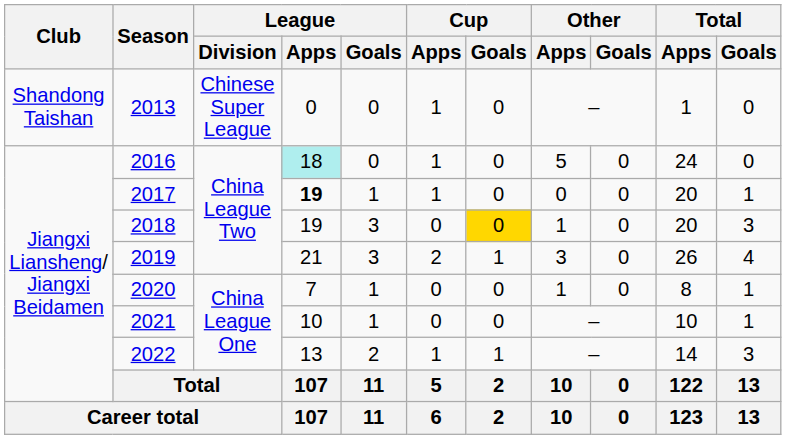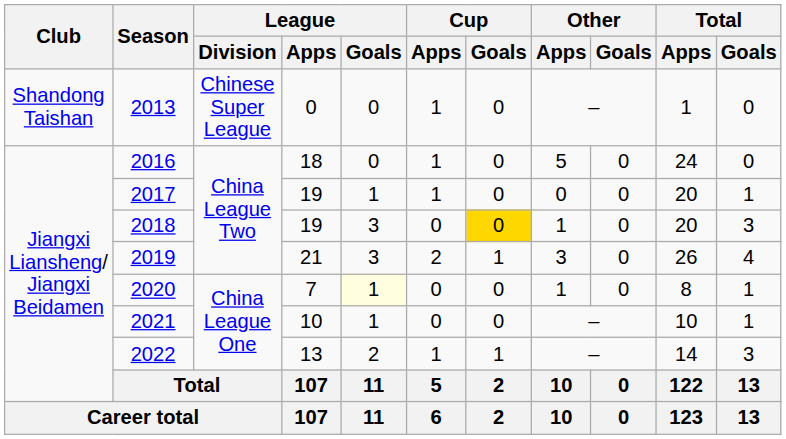 <table class="wikitable" style="text-align: center">
 <tr>
 <th rowspan="2">Club</th>
 <th rowspan="2">Season</th>
 <th colspan="3">League</th>
 <th colspan="2">Cup</th>
 <th colspan="2">Other</th>
 <th colspan="2">Total</th>
 </tr>
 <tr>
 <th>Division</th>
 <th>Apps</th>
 <th>Goals</th>
 <th>Apps</th>
 <th>Goals</th>
 <th>Apps</th>
 <th>Goals</th>
 <th>Apps</th>
 <th>Goals</th>
 </tr>
 <tr>
 <td><a href='#'>Shandong Taishan</a></td>
 <td><a href='#'>2013</a></td>
 <td><a href='#'>Chinese Super League</a></td>
 <td>0</td>
 <td>0</td>
 <td>1</td>
 <td>0</td>
 <td colspan="2">–</td>
 <td>1</td>
 <td>0</td>
 </tr>
 <tr>
 <td rowspan="8"><a href='#'>Jiangxi Liansheng</a>/<br><a href='#'>Jiangxi Beidamen</a></td>
 <td><a href='#'>2016</a></td>
 <td rowspan="4"><a href='#'>China League Two</a></td>
-<td style="background: paleturquoise;">18</td>
+<td>18</td>
 <td>0</td>
 <td>1</td>
 <td>0</td>
 <td>5</td>
 <td>0</td>
 <td>24</td>
 <td>0</td>
 </tr>
 <tr>
 <td><a href='#'>2017</a></td>
-<td><strong>19</strong></td>
+<td>19</td>
 <td>1</td>
 <td>1</td>
 <td>0</td>
 <td>0</td>
 <td>0</td>
 <td>20</td>
 <td>1</td>
 </tr>
 <tr>
 <td><a href='#'>2018</a></td>
 <td>19</td>
 <td>3</td>
 <td>0</td>
 <td style="background: gold;">0</td>
 <td>1</td>
 <td>0</td>
 <td>20</td>
 <td>3</td>
 </tr>
 <tr>
 <td><a href='#'>2019</a></td>
 <td>21</td>
 <td>3</td>
 <td>2</td>
 <td>1</td>
 <td>3</td>
 <td>0</td>
 <td>26</td>
 <td>4</td>
 </tr>
 <tr>
 <td><a href='#'>2020</a></td>
 <td rowspan="3"><a href='#'>China League One</a></td>
 <td>7</td>
-<td>1</td>
+<td style="background: lightyellow;">1</td>
 <td>0</td>
 <td>0</td>
 <td>1</td>
 <td>0</td>
 <td>8</td>
 <td>1</td>
 </tr>
 <tr>
 <td><a href='#'>2021</a></td>
 <td>10</td>
 <td>1</td>
 <td>0</td>
 <td>0</td>
 <td colspan="2">–</td>
 <td>10</td>
 <td>1</td>
 </tr>
 <tr>
 <td><a href='#'>2022</a></td>
 <td>13</td>
 <td>2</td>
 <td>1</td>
 <td>1</td>
 <td colspan="2">–</td>
 <td>14</td>
 <td>3</td>
 </tr>
 <tr>
 <th colspan=2>Total</th>
 <th>107</th>
 <th>11</th>
 <th>5</th>
 <th>2</th>
 <th>10</th>
 <th>0</th>
 <th>122</th>
 <th>13</th>
 </tr>
 <tr>
 <th colspan=3>Career total</th>
 <th>107</th>
 <th>11</th>
 <th>6</th>
 <th>2</th>
 <th>10</th>
 <th>0</th>
 <th>123</th>
 <th>13</th>
 </tr>
 </table>
